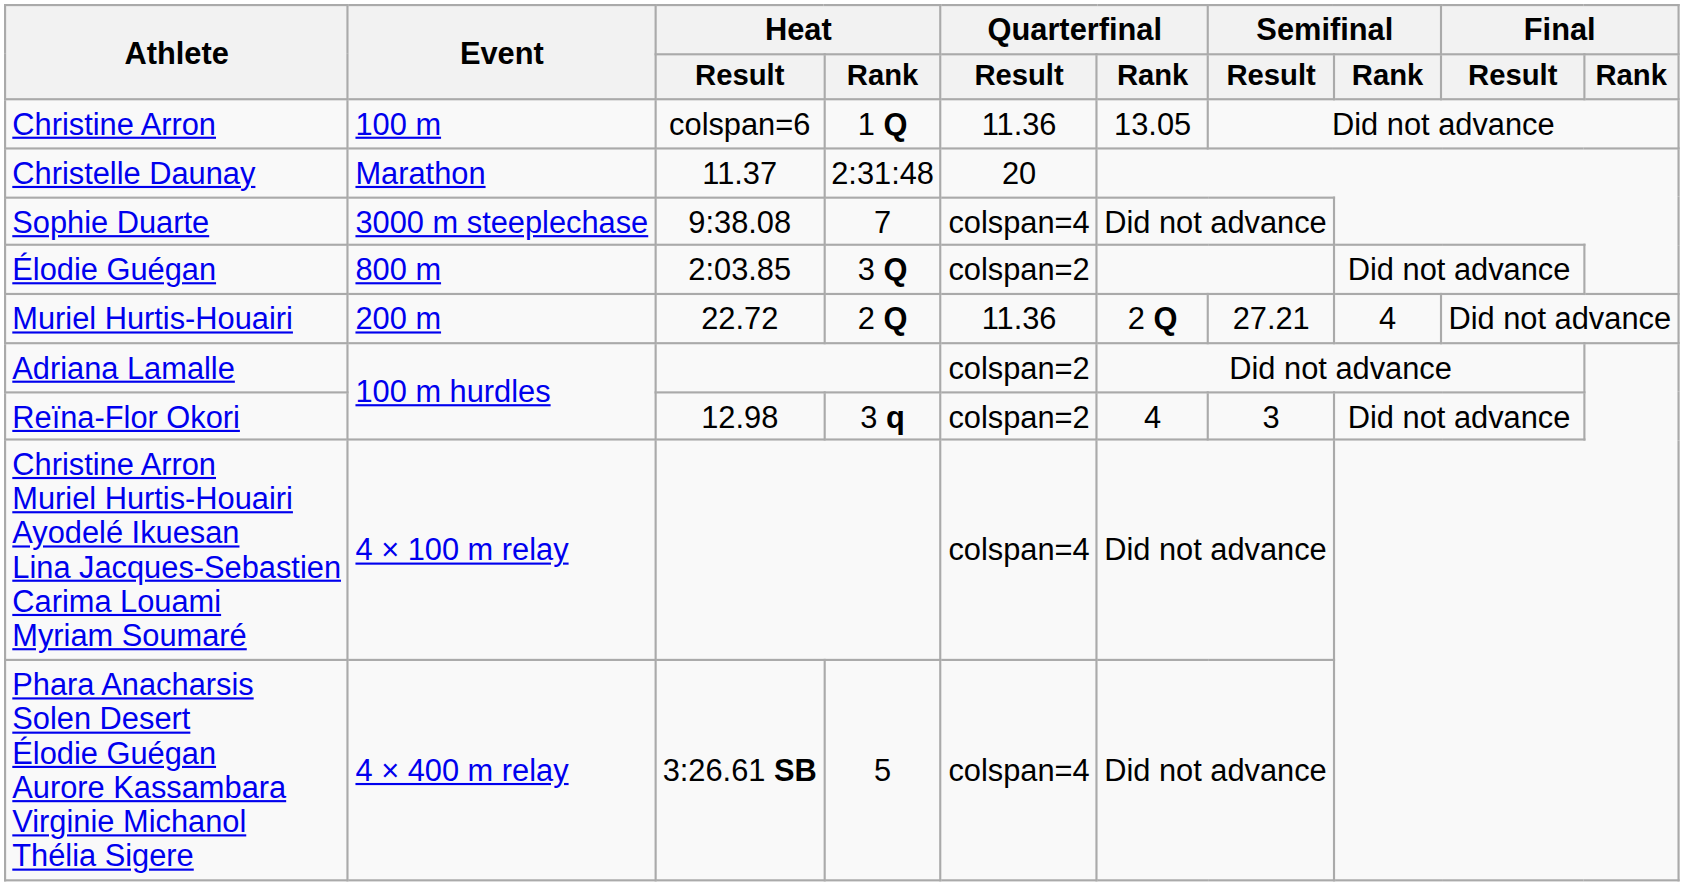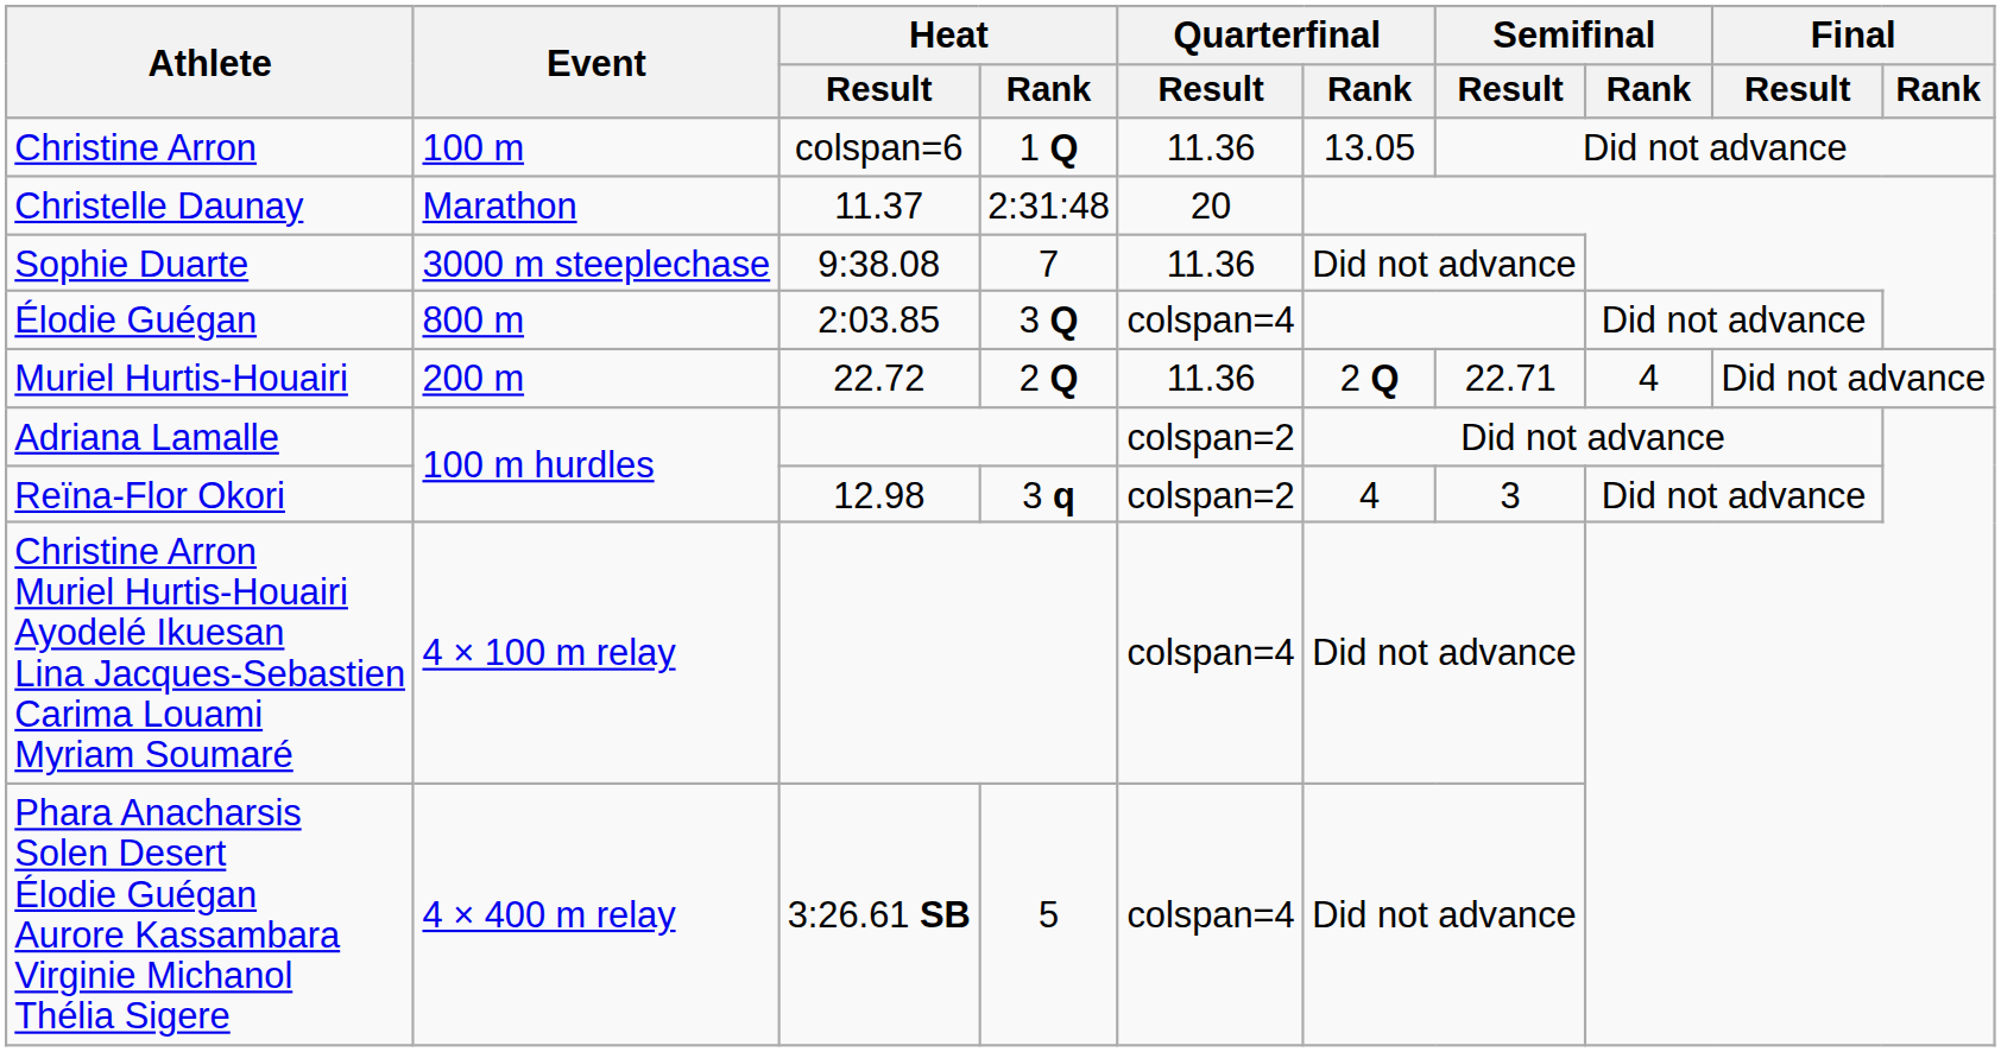 <table class=wikitable style="font-size:90%">
 <tr>
 <th rowspan="2">Athlete</th>
 <th rowspan="2">Event</th>
 <th colspan="2">Heat</th>
 <th colspan="2">Quarterfinal</th>
 <th colspan="2">Semifinal</th>
 <th colspan="2">Final</th>
 </tr>
 <tr style="font-size:95%">
 <th>Result</th>
 <th>Rank</th>
 <th>Result</th>
 <th>Rank</th>
 <th>Result</th>
 <th>Rank</th>
 <th>Result</th>
 <th>Rank</th>
 </tr>
 <tr align=center>
 <td align=left><a href='#'>Christine Arron</a></td>
 <td align=left><a href='#'>100 m</a></td>
 <td>colspan=6 </td>
 <td>1 <strong>Q</strong></td>
 <td>11.36</td>
 <td>13.05</td>
 <td colspan=4>Did not advance</td>
 </tr>
 <tr align=center>
 <td align=left><a href='#'>Christelle Daunay</a></td>
 <td align=left><a href='#'>Marathon</a></td>
 <td>11.37</td>
 <td>2:31:48</td>
 <td>20</td>
 </tr>
 <tr align=center>
 <td align=left><a href='#'>Sophie Duarte</a></td>
 <td align=left><a href='#'>3000 m steeplechase</a></td>
 <td>9:38.08</td>
 <td>7</td>
-<td>colspan=4 </td>
+<td>11.36</td>
 <td colspan=2>Did not advance</td>
 </tr>
 <tr align=center>
 <td align=left><a href='#'>Élodie Guégan</a></td>
 <td align=left><a href='#'>800 m</a></td>
 <td>2:03.85</td>
 <td>3 <strong>Q</strong></td>
-<td>colspan=2 </td>
+<td>colspan=4 </td>
 <td colspan=2></td>
 <td colspan=2>Did not advance</td>
 </tr>
 <tr align=center>
 <td align=left><a href='#'>Muriel Hurtis-Houairi</a></td>
 <td align=left><a href='#'>200 m</a></td>
 <td>22.72</td>
 <td>2 <strong>Q</strong></td>
 <td>11.36</td>
 <td>2 <strong>Q</strong></td>
-<td>27.21</td>
+<td>22.71</td>
 <td>4</td>
 <td colspan=2>Did not advance</td>
 </tr>
 <tr align=center>
 <td align=left><a href='#'>Adriana Lamalle</a></td>
 <td align=left rowspan=2><a href='#'>100 m hurdles</a></td>
 <td colspan=2></td>
 <td>colspan=2 </td>
 <td colspan=4>Did not advance</td>
 </tr>
 <tr align=center>
 <td align=left><a href='#'>Reïna-Flor Okori</a></td>
 <td>12.98</td>
 <td>3 <strong>q</strong></td>
 <td>colspan=2 </td>
 <td>4</td>
 <td>3</td>
 <td colspan=2>Did not advance</td>
 </tr>
 <tr align=center>
 <td align=left><a href='#'>Christine Arron</a><br><a href='#'>Muriel Hurtis-Houairi</a><br><a href='#'>Ayodelé Ikuesan</a><br><a href='#'>Lina Jacques-Sebastien</a><br><a href='#'>Carima Louami</a><br><a href='#'>Myriam Soumaré</a></td>
 <td align=left><a href='#'>4 × 100 m relay</a></td>
 <td colspan=2></td>
 <td>colspan=4 </td>
 <td colspan=2>Did not advance</td>
 </tr>
 <tr align=center>
 <td align=left><a href='#'>Phara Anacharsis</a><br><a href='#'>Solen Desert</a><br><a href='#'>Élodie Guégan</a><br><a href='#'>Aurore Kassambara</a><br><a href='#'>Virginie Michanol</a><br><a href='#'>Thélia Sigere</a></td>
 <td align=left><a href='#'>4 × 400 m relay</a></td>
 <td>3:26.61 <strong>SB</strong></td>
 <td>5</td>
 <td>colspan=4 </td>
 <td colspan=2>Did not advance</td>
 </tr>
 </table>
